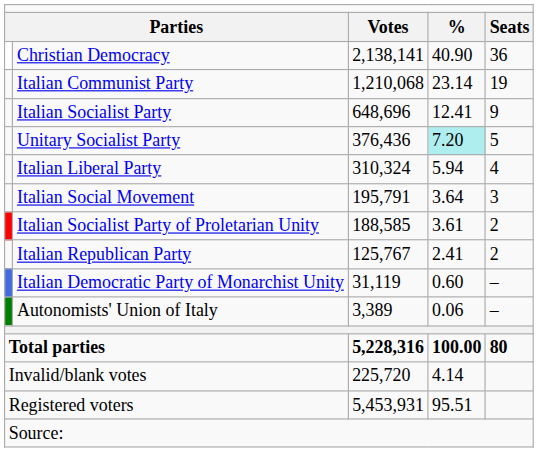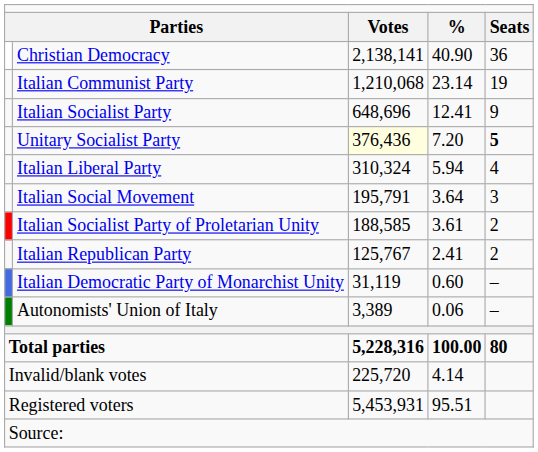 <table class="wikitable">
 <tr>
 <td colspan="5"></td>
 </tr>
 <tr>
 <th colspan="2">Parties</th>
 <th>Votes</th>
 <th>%</th>
 <th>Seats</th>
 </tr>
 <tr>
 <td bgcolor="white"></td>
 <td><a href='#'>Christian Democracy</a></td>
 <td>2,138,141</td>
 <td>40.90</td>
 <td>36</td>
 </tr>
 <tr>
 <td></td>
 <td><a href='#'>Italian Communist Party</a></td>
 <td>1,210,068</td>
 <td>23.14</td>
 <td>19</td>
 </tr>
 <tr>
 <td></td>
 <td align="left"><a href='#'>Italian Socialist Party</a></td>
 <td>648,696</td>
 <td>12.41</td>
 <td>9</td>
 </tr>
 <tr>
 <td></td>
 <td align="left"><a href='#'>Unitary Socialist Party</a></td>
-<td>376,436</td>
-<td style="background: paleturquoise;">7.20</td>
-<td>5</td>
+<td style="background: lightyellow;">376,436</td>
+<td>7.20</td>
+<td><strong>5</strong></td>
 </tr>
 <tr>
 <td></td>
 <td align="left"><a href='#'>Italian Liberal Party</a></td>
 <td>310,324</td>
 <td>5.94</td>
 <td>4</td>
 </tr>
 <tr>
 <td></td>
 <td align="left"><a href='#'>Italian Social Movement</a></td>
 <td>195,791</td>
 <td>3.64</td>
 <td>3</td>
 </tr>
 <tr>
 <td bgcolor="red"></td>
 <td align="left"><a href='#'>Italian Socialist Party of Proletarian Unity</a></td>
 <td>188,585</td>
 <td>3.61</td>
 <td>2</td>
 </tr>
 <tr>
 <td></td>
 <td align="left"><a href='#'>Italian Republican Party</a></td>
 <td>125,767</td>
 <td>2.41</td>
 <td>2</td>
 </tr>
 <tr>
 <td bgcolor="royalblue"></td>
 <td align="left"><a href='#'>Italian Democratic Party of Monarchist Unity</a></td>
 <td>31,119</td>
 <td>0.60</td>
 <td>–</td>
 </tr>
 <tr>
 <td bgcolor="green"></td>
 <td align="left">Autonomists' Union of Italy</td>
 <td>3,389</td>
 <td>0.06</td>
 <td>–</td>
 </tr>
 <tr>
 <th colspan="5"></th>
 </tr>
 <tr>
 <td colspan="2" align="left"><strong>Total parties</strong></td>
 <td><strong>5,228,316</strong></td>
 <td><strong>100.00</strong></td>
 <td><strong>80</strong></td>
 </tr>
 <tr>
 <td colspan="2">Invalid/blank votes</td>
 <td>225,720</td>
 <td>4.14</td>
 <td></td>
 </tr>
 <tr>
 <td colspan="2">Registered voters</td>
 <td>5,453,931</td>
 <td>95.51</td>
 <td></td>
 </tr>
 <tr>
 <td colspan="5">Source: </td>
 </tr>
 </table>
